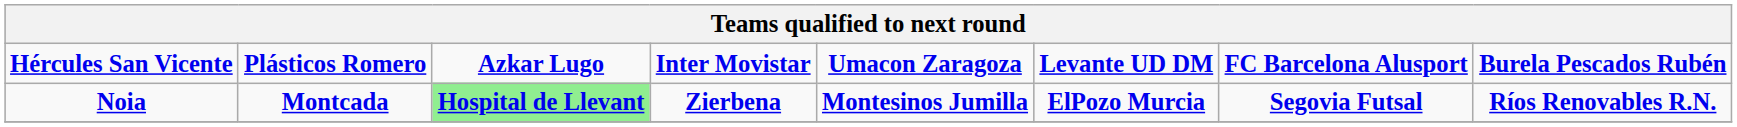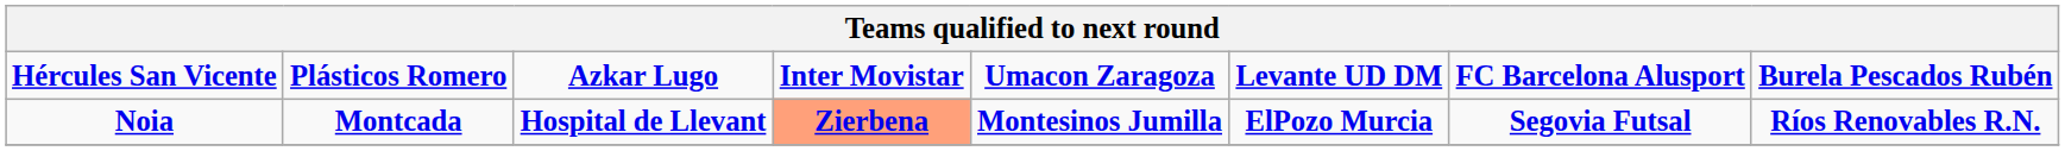 <table class="wikitable" style="text-align: center; margin: 0 auto;">
 <tr>
 <th colspan=8>Teams qualified to next round</th>
 </tr>
 <tr>
 <td><strong><a href='#'>Hércules San Vicente</a></strong></td>
 <td><strong><a href='#'>Plásticos Romero</a></strong></td>
 <td><strong><a href='#'>Azkar Lugo</a></strong></td>
 <td><strong><a href='#'>Inter Movistar</a></strong></td>
 <td><strong><a href='#'>Umacon Zaragoza</a></strong></td>
 <td><strong><a href='#'>Levante UD DM</a></strong></td>
 <td><strong><a href='#'>FC Barcelona Alusport</a></strong></td>
 <td><strong><a href='#'>Burela Pescados Rubén</a></strong></td>
 </tr>
 <tr>
 <td><strong><a href='#'>Noia</a></strong></td>
 <td><strong><a href='#'>Montcada</a></strong></td>
-<td style="background: lightgreen;"><strong><a href='#'>Hospital de Llevant</a></strong></td>
-<td><strong><a href='#'>Zierbena</a></strong></td>
+<td><strong><a href='#'>Hospital de Llevant</a></strong></td>
+<td style="background: lightsalmon;"><strong><a href='#'>Zierbena</a></strong></td>
 <td><strong><a href='#'>Montesinos Jumilla</a></strong></td>
 <td><strong><a href='#'>ElPozo Murcia</a></strong></td>
 <td><strong><a href='#'>Segovia Futsal</a></strong></td>
 <td><strong><a href='#'>Ríos Renovables R.N.</a></strong></td>
 </tr>
 <tr>
 </tr>
 </table>
